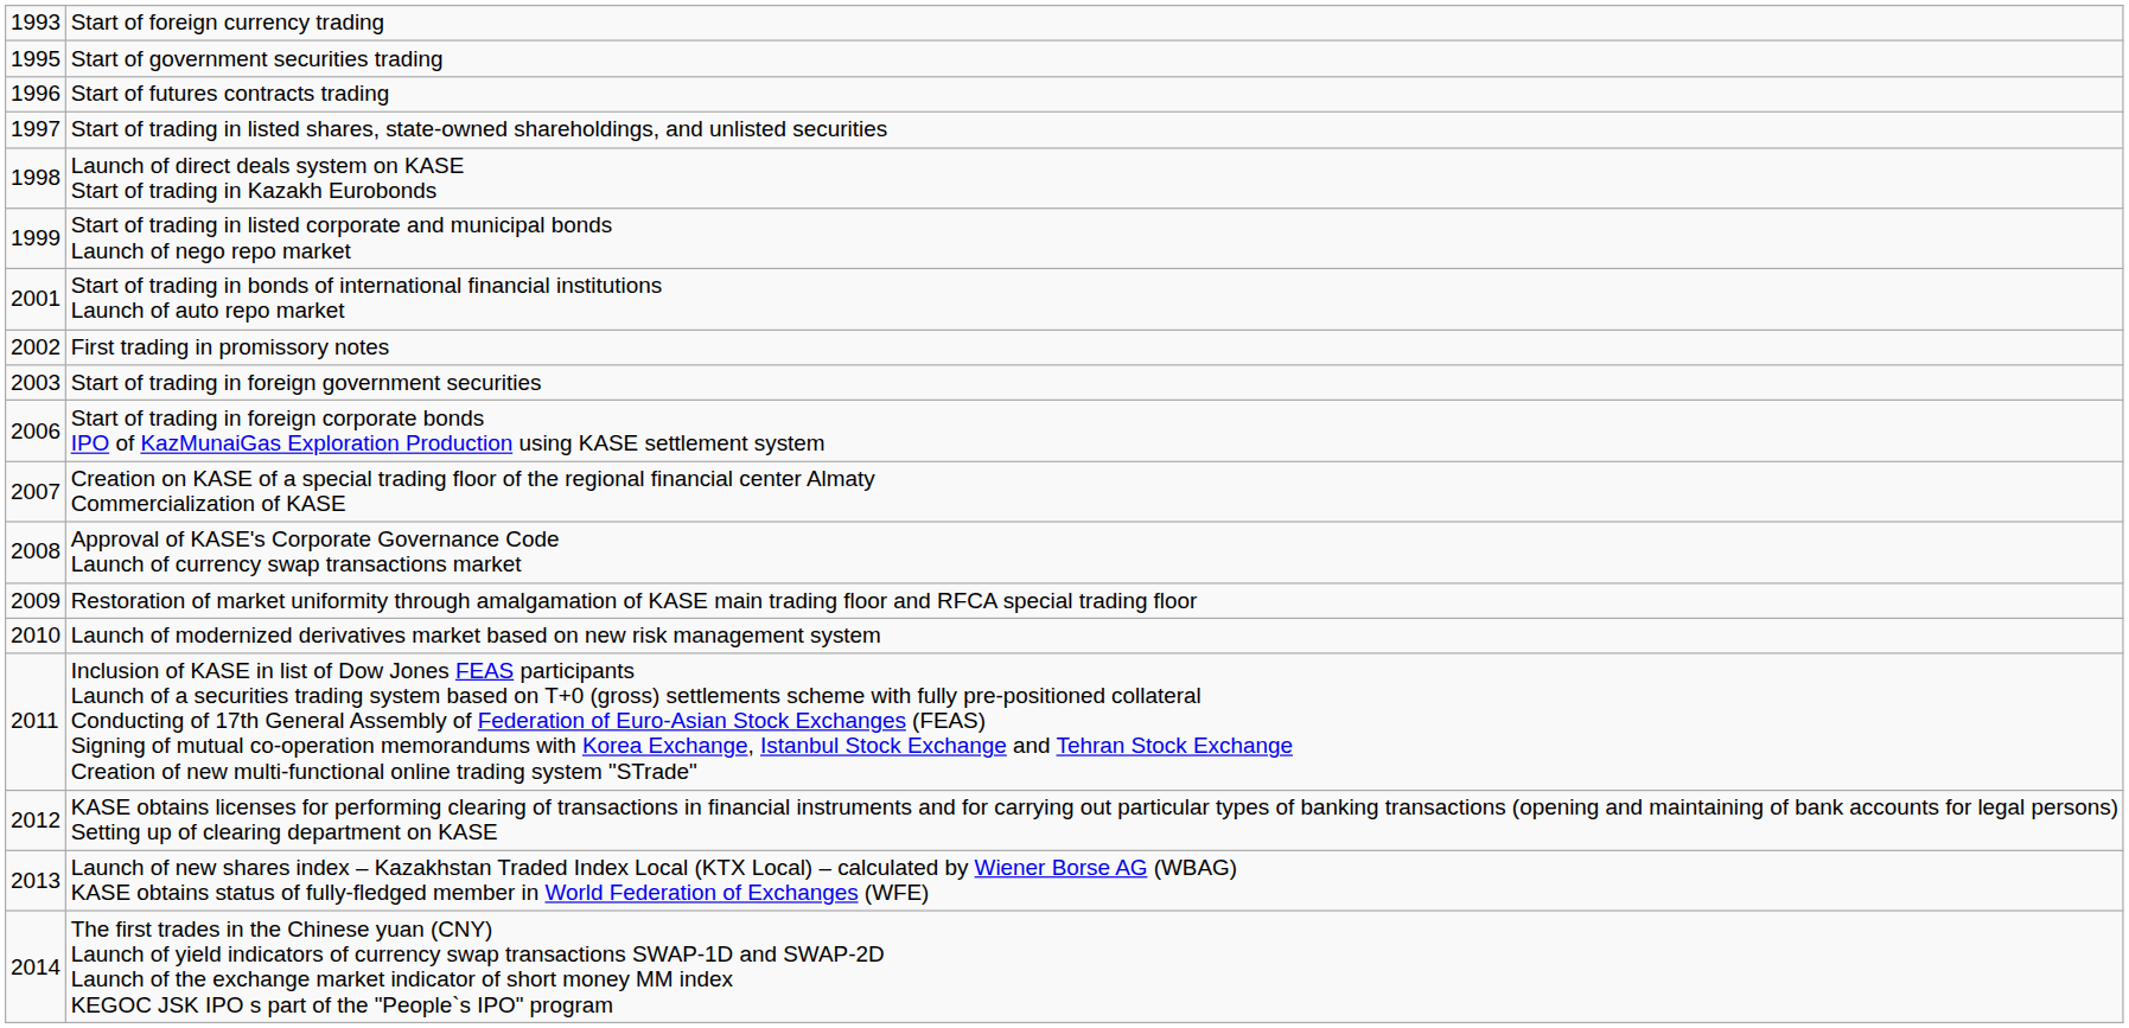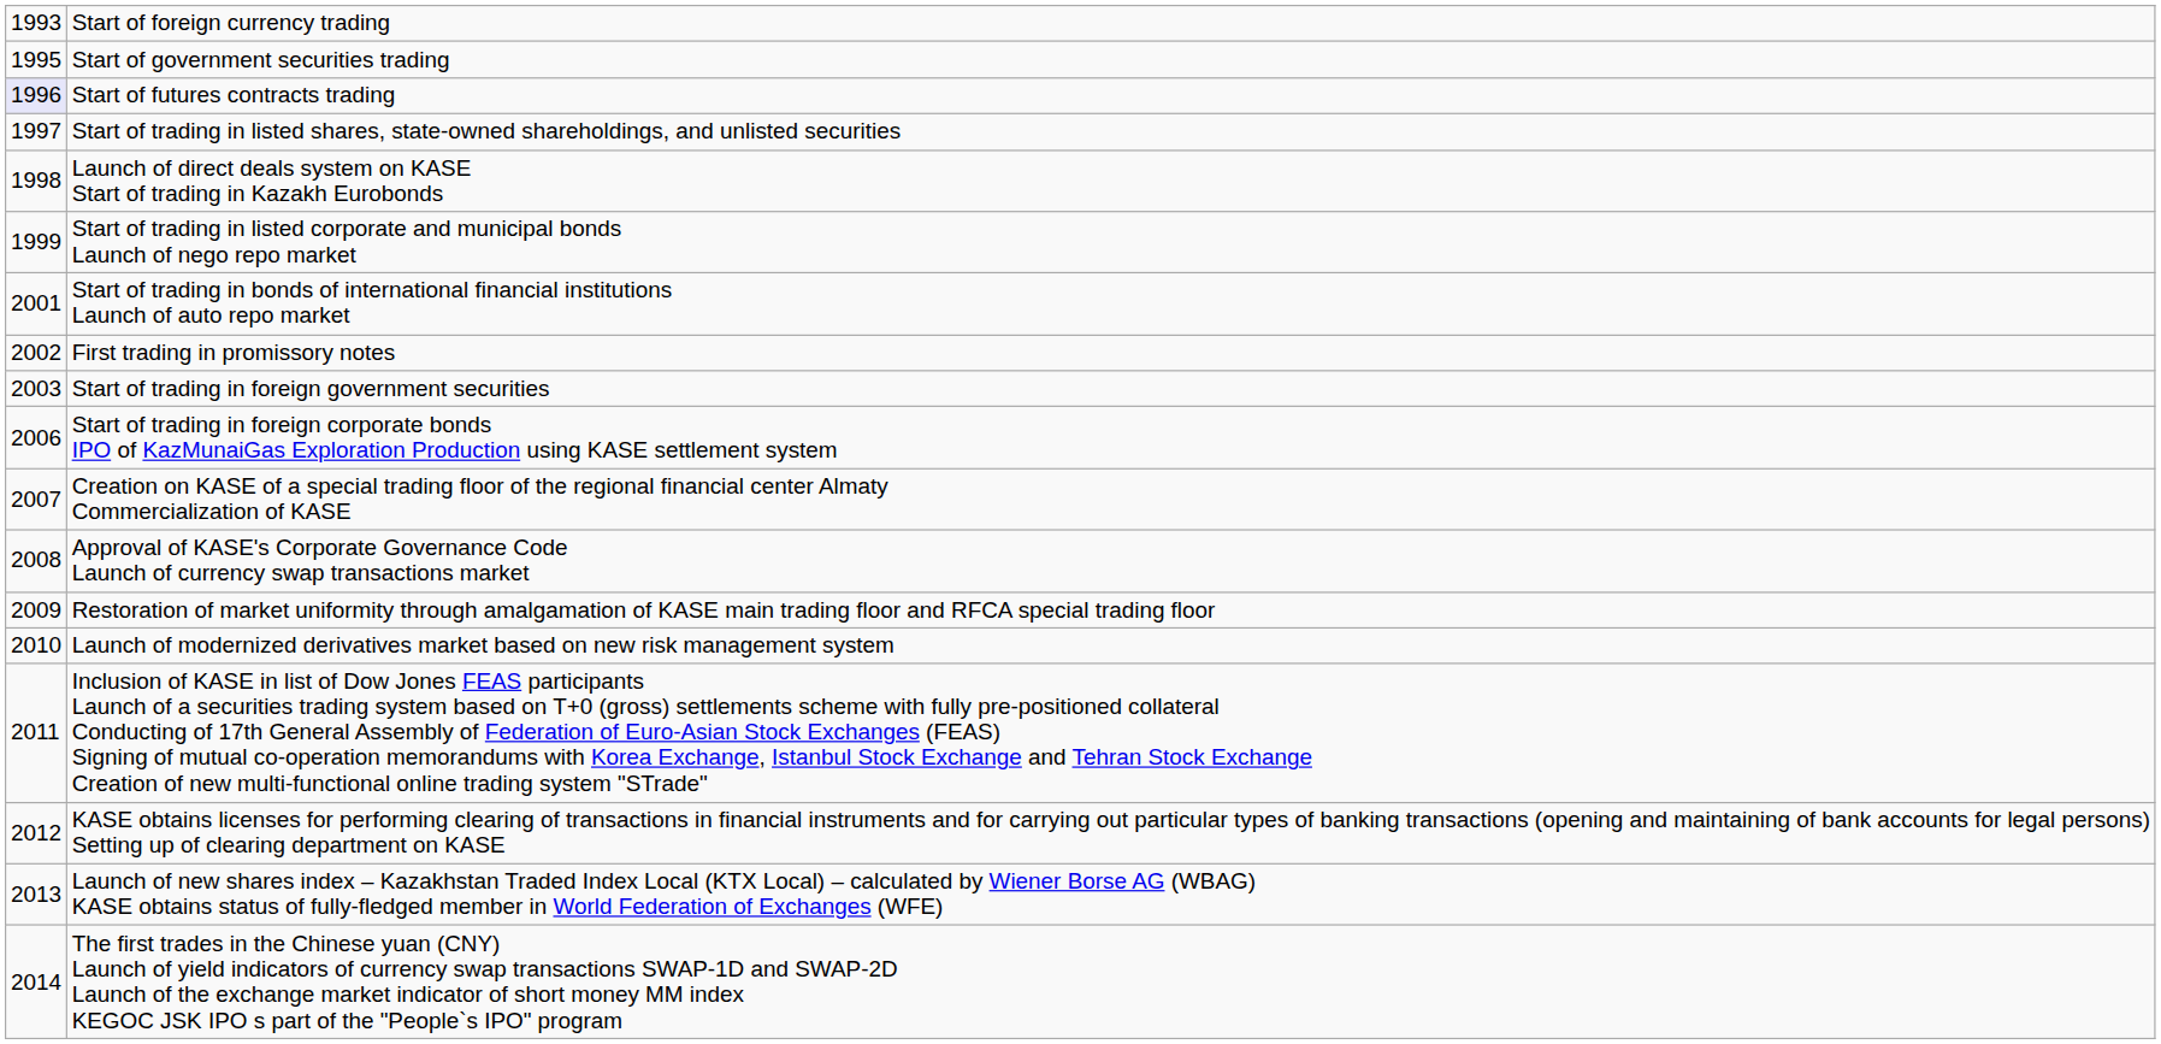 <table class="wikitable">
 <tr>
 <td>1993</td>
 <td>Start of foreign currency trading</td>
 </tr>
 <tr>
 <td>1995</td>
 <td>Start of government securities trading</td>
 </tr>
 <tr>
-<td>1996</td>
+<td style="background: lavender;">1996</td>
 <td>Start of futures contracts trading</td>
 </tr>
 <tr>
 <td>1997</td>
 <td>Start of trading in listed shares, state-owned shareholdings, and unlisted securities</td>
 </tr>
 <tr>
 <td>1998</td>
 <td>Launch of direct deals system on KASE<br>Start of trading in Kazakh Eurobonds</td>
 </tr>
 <tr>
 <td>1999</td>
 <td>Start of trading in listed corporate and municipal bonds<br>Launch of nego repo market</td>
 </tr>
 <tr>
 <td>2001</td>
 <td>Start of trading in bonds of international financial institutions<br>Launch of auto repo market</td>
 </tr>
 <tr>
 <td>2002</td>
 <td>First trading in promissory notes</td>
 </tr>
 <tr>
 <td>2003</td>
 <td>Start of trading in foreign government securities</td>
 </tr>
 <tr>
 <td>2006</td>
 <td>Start of trading in foreign corporate bonds<br><a href='#'>IPO</a> of <a href='#'>KazMunaiGas Exploration Production</a> using KASE settlement system</td>
 </tr>
 <tr>
 <td>2007</td>
 <td>Creation on KASE of a special trading floor of the regional financial center Almaty<br>Commercialization of KASE</td>
 </tr>
 <tr>
 <td>2008</td>
 <td>Approval of KASE's Corporate Governance Code<br>Launch of currency swap transactions market</td>
 </tr>
 <tr>
 <td>2009</td>
 <td>Restoration of market uniformity through amalgamation of KASE main trading floor and RFCA special trading floor</td>
 </tr>
 <tr>
 <td>2010</td>
 <td>Launch of modernized derivatives market based on new risk management system</td>
 </tr>
 <tr>
 <td>2011</td>
 <td>Inclusion of KASE in list of Dow Jones <a href='#'>FEAS</a> participants<br>Launch of a securities trading system based on T+0 (gross) settlements scheme with fully pre-positioned collateral<br>Conducting of 17th General Assembly of <a href='#'>Federation of Euro-Asian Stock Exchanges</a> (FEAS)<br>Signing of mutual co-operation memorandums with <a href='#'>Korea Exchange</a>, <a href='#'>Istanbul Stock Exchange</a> and <a href='#'>Tehran Stock Exchange</a><br>Creation of new multi-functional online trading system "STrade"</td>
 </tr>
 <tr>
 <td>2012</td>
 <td>KASE obtains licenses for performing clearing of transactions in financial instruments and for carrying out particular types of banking transactions (opening and maintaining of bank accounts for legal persons)<br>Setting up of clearing department on KASE</td>
 </tr>
 <tr>
 <td>2013</td>
 <td>Launch of new shares index – Kazakhstan Traded Index Local (KTX Local) – calculated by <a href='#'>Wiener Borse AG</a> (WBAG)<br>KASE obtains status of fully-fledged member in <a href='#'>World Federation of Exchanges</a> (WFE)</td>
 </tr>
 <tr>
 <td>2014</td>
 <td>The first trades in the Chinese yuan (CNY)<br>Launch of yield indicators of currency swap transactions SWAP-1D and SWAP-2D<br>Launch of the exchange market indicator of short money MM index<br>KEGOC JSK IPO s part of the "People`s IPO" program</td>
 </tr>
 </table>
